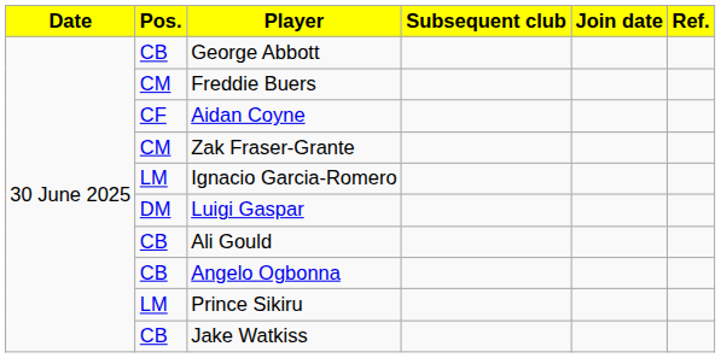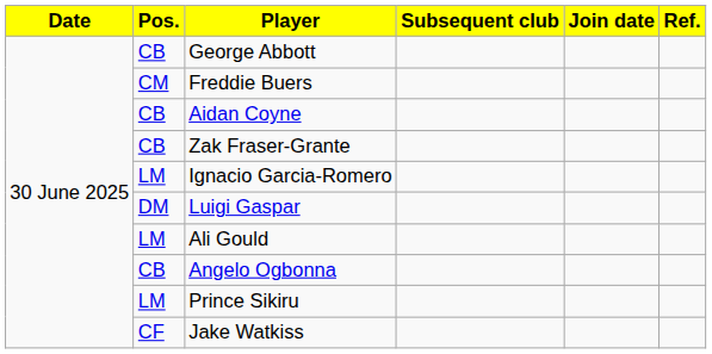 <table class="wikitable plainrowheaders sortable">
 <tr>
 <th style="background:#FFFF00;color:black;">Date</th>
 <th style="background:#FFFF00;color:black;">Pos.</th>
 <th style="background:#FFFF00;color:black;">Player</th>
 <th style="background:#FFFF00;color:black;">Subsequent club</th>
 <th style="background:#FFFF00;color:black;">Join date</th>
 <th style="background:#FFFF00;color:black;">Ref.</th>
 </tr>
 <tr>
 <td rowspan="10">30 June 2025</td>
 <td><a href='#'>CB</a></td>
 <td> George Abbott</td>
 <td></td>
 <td></td>
 <td></td>
 </tr>
 <tr>
 <td><a href='#'>CM</a></td>
 <td> Freddie Buers</td>
 <td></td>
 <td></td>
 <td></td>
 </tr>
 <tr>
-<td><a href='#'>CF</a></td>
+<td><a href='#'>CB</a></td>
 <td> <a href='#'>Aidan Coyne</a></td>
 <td></td>
 <td></td>
 <td></td>
 </tr>
 <tr>
-<td><a href='#'>CM</a></td>
+<td><a href='#'>CB</a></td>
 <td> Zak Fraser-Grante</td>
 <td></td>
 <td></td>
 <td></td>
 </tr>
 <tr>
 <td><a href='#'>LM</a></td>
 <td> Ignacio Garcia-Romero</td>
 <td></td>
 <td></td>
 <td></td>
 </tr>
 <tr>
 <td><a href='#'>DM</a></td>
 <td> <a href='#'>Luigi Gaspar</a></td>
 <td></td>
 <td></td>
 <td></td>
 </tr>
 <tr>
-<td><a href='#'>CB</a></td>
+<td><a href='#'>LM</a></td>
 <td> Ali Gould</td>
 <td></td>
 <td></td>
 <td></td>
 </tr>
 <tr>
 <td><a href='#'>CB</a></td>
 <td> <a href='#'>Angelo Ogbonna</a></td>
 <td></td>
 <td></td>
 <td></td>
 </tr>
 <tr>
 <td><a href='#'>LM</a></td>
 <td> Prince Sikiru</td>
 <td></td>
 <td></td>
 <td></td>
 </tr>
 <tr>
-<td><a href='#'>CB</a></td>
+<td><a href='#'>CF</a></td>
 <td> Jake Watkiss</td>
 <td></td>
 <td></td>
 <td></td>
 </tr>
 </table>
